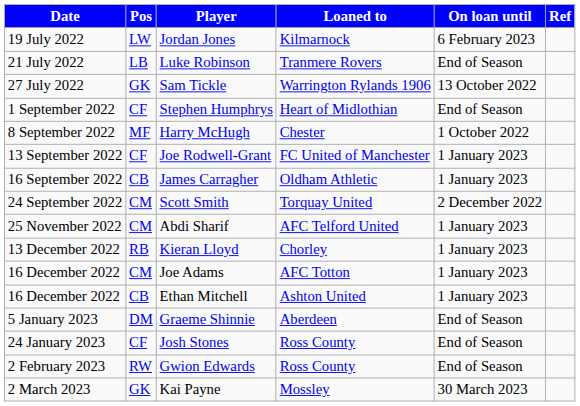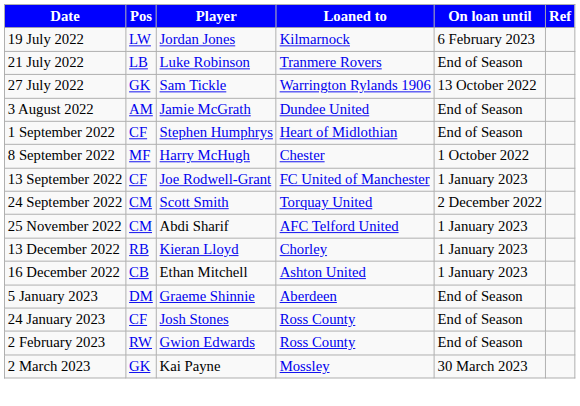 <table class="wikitable plainrowheaders sortable">
 <tr>
 <th style="background:#0000FF; color:#FFFFFF; ">Date</th>
 <th style="background:#0000FF; color:#FFFFFF; ">Pos</th>
 <th style="background:#0000FF; color:#FFFFFF; ">Player</th>
 <th style="background:#0000FF; color:#FFFFFF; ">Loaned to</th>
 <th style="background:#0000FF; color:#FFFFFF; ">On loan until</th>
 <th style="background:#0000FF; color:#FFFFFF; ">Ref</th>
 </tr>
 <tr>
 <td>19 July 2022</td>
 <td><a href='#'>LW</a></td>
 <td> <a href='#'>Jordan Jones</a></td>
 <td> <a href='#'>Kilmarnock</a></td>
 <td>6 February 2023</td>
 <td></td>
 </tr>
 <tr>
 <td>21 July 2022</td>
 <td><a href='#'>LB</a></td>
 <td> <a href='#'>Luke Robinson</a></td>
 <td> <a href='#'>Tranmere Rovers</a></td>
 <td>End of Season</td>
 <td></td>
 </tr>
 <tr>
 <td>27 July 2022</td>
 <td><a href='#'>GK</a></td>
 <td> <a href='#'>Sam Tickle</a></td>
 <td> <a href='#'>Warrington Rylands 1906</a></td>
 <td>13 October 2022</td>
 <td></td>
 </tr>
 <tr>
+<td>3 August 2022</td>
+<td><a href='#'>AM</a></td>
+<td> <a href='#'>Jamie McGrath</a></td>
+<td> <a href='#'>Dundee United</a></td>
+<td>End of Season</td>
+<td></td>
+</tr>
+<tr>
 <td>1 September 2022</td>
 <td><a href='#'>CF</a></td>
 <td> <a href='#'>Stephen Humphrys</a></td>
 <td> <a href='#'>Heart of Midlothian</a></td>
 <td>End of Season</td>
 <td></td>
 </tr>
 <tr>
 <td>8 September 2022</td>
 <td><a href='#'>MF</a></td>
 <td> <a href='#'>Harry McHugh</a></td>
 <td> <a href='#'>Chester</a></td>
 <td>1 October 2022</td>
 <td></td>
 </tr>
 <tr>
 <td>13 September 2022</td>
 <td><a href='#'>CF</a></td>
 <td> <a href='#'>Joe Rodwell-Grant</a></td>
 <td> <a href='#'>FC United of Manchester</a></td>
 <td>1 January 2023</td>
 <td></td>
 </tr>
 <tr>
-<td>16 September 2022</td>
-<td><a href='#'>CB</a></td>
-<td> <a href='#'>James Carragher</a></td>
-<td> <a href='#'>Oldham Athletic</a></td>
-<td>1 January 2023</td>
-<td></td>
-</tr>
-<tr>
 <td>24 September 2022</td>
 <td><a href='#'>CM</a></td>
 <td> <a href='#'>Scott Smith</a></td>
 <td> <a href='#'>Torquay United</a></td>
 <td>2 December 2022</td>
 <td></td>
 </tr>
 <tr>
 <td>25 November 2022</td>
 <td><a href='#'>CM</a></td>
 <td> Abdi Sharif</td>
 <td> <a href='#'>AFC Telford United</a></td>
 <td>1 January 2023</td>
 <td></td>
 </tr>
 <tr>
 <td>13 December 2022</td>
 <td><a href='#'>RB</a></td>
 <td> <a href='#'>Kieran Lloyd</a></td>
 <td> <a href='#'>Chorley</a></td>
-<td>1 January 2023</td>
-<td></td>
-</tr>
-<tr>
-<td>16 December 2022</td>
-<td><a href='#'>CM</a></td>
-<td> Joe Adams</td>
-<td> <a href='#'>AFC Totton</a></td>
 <td>1 January 2023</td>
 <td></td>
 </tr>
 <tr>
 <td>16 December 2022</td>
 <td><a href='#'>CB</a></td>
 <td> Ethan Mitchell</td>
 <td> <a href='#'>Ashton United</a></td>
 <td>1 January 2023</td>
 <td></td>
 </tr>
 <tr>
 <td>5 January 2023</td>
 <td><a href='#'>DM</a></td>
 <td> <a href='#'>Graeme Shinnie</a></td>
 <td> <a href='#'>Aberdeen</a></td>
 <td>End of Season</td>
 <td></td>
 </tr>
 <tr>
 <td>24 January 2023</td>
 <td><a href='#'>CF</a></td>
 <td> <a href='#'>Josh Stones</a></td>
 <td> <a href='#'>Ross County</a></td>
 <td>End of Season</td>
 <td></td>
 </tr>
 <tr>
 <td>2 February 2023</td>
 <td><a href='#'>RW</a></td>
 <td> <a href='#'>Gwion Edwards</a></td>
 <td> <a href='#'>Ross County</a></td>
 <td>End of Season</td>
 <td></td>
 </tr>
 <tr>
 <td>2 March 2023</td>
 <td><a href='#'>GK</a></td>
 <td> Kai Payne</td>
 <td> <a href='#'>Mossley</a></td>
 <td>30 March 2023</td>
 <td></td>
 </tr>
 </table>
